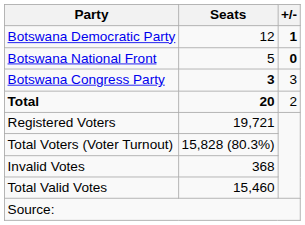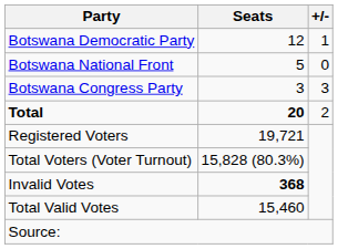 <table class=wikitable style=text-align:right>
 <tr>
 <th>Party</th>
 <th>Seats</th>
 <th>+/-</th>
 </tr>
 <tr>
 <td align=left><a href='#'>Botswana Democratic Party</a></td>
 <td>12</td>
-<td><strong>1</strong></td>
+<td>1</td>
 </tr>
 <tr>
 <td align=left><a href='#'>Botswana National Front</a></td>
 <td>5</td>
-<td><strong>0</strong></td>
+<td>0</td>
 </tr>
 <tr>
 <td align=left><a href='#'>Botswana Congress Party</a></td>
-<td><strong>3</strong></td>
+<td>3</td>
 <td>3</td>
 </tr>
 <tr>
 <td align=left><strong>Total</strong></td>
 <td><strong>20</strong></td>
 <td>2</td>
 </tr>
 <tr>
 <td align=left>Registered Voters</td>
 <td>19,721</td>
 </tr>
 <tr>
 <td align=left>Total Voters (Voter Turnout)</td>
 <td>15,828 (80.3%)</td>
 </tr>
 <tr>
 <td align=left>Invalid Votes</td>
-<td>368</td>
+<td><strong>368</strong></td>
 </tr>
 <tr>
 <td align=left>Total Valid Votes</td>
 <td>15,460</td>
 </tr>
 <tr>
 <td colspan=4 align=left>Source: </td>
 </tr>
 </table>
